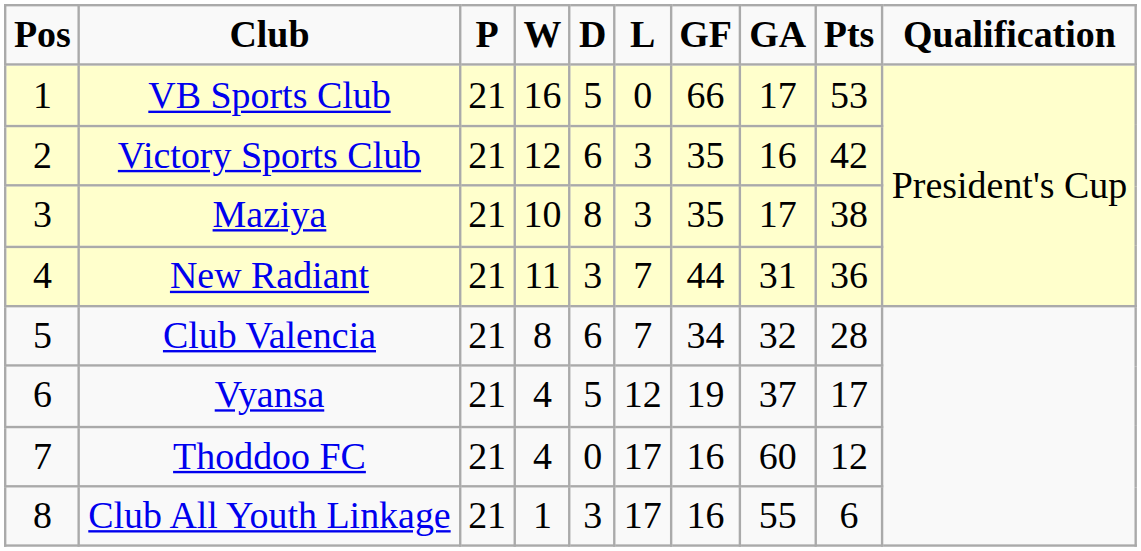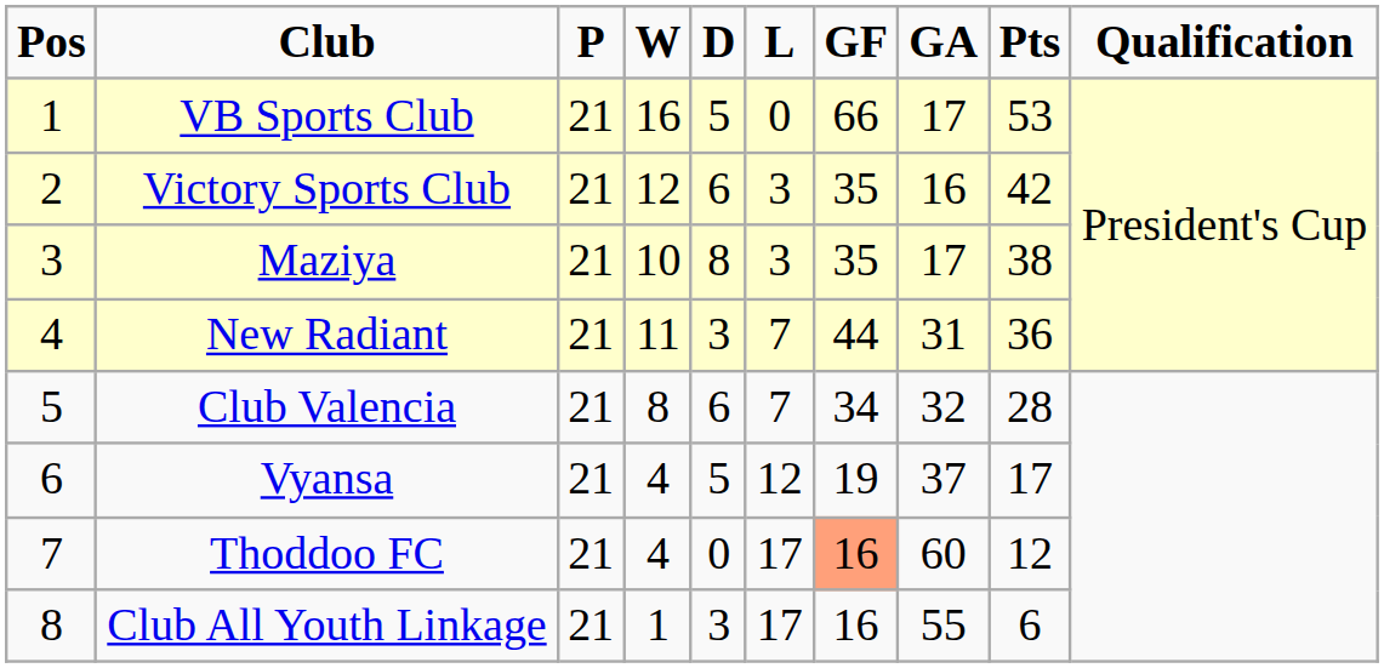 <table class="wikitable" style="text-align: center;">
 <tr>
 <td><strong>Pos</strong></td>
 <td><strong>Club</strong></td>
 <td><strong>P</strong></td>
 <td><strong>W</strong></td>
 <td><strong>D</strong></td>
 <td><strong>L</strong></td>
 <td><strong>GF</strong></td>
 <td><strong>GA</strong></td>
 <td><strong>Pts</strong></td>
 <td><strong>Qualification</strong></td>
 </tr>
 <tr style="background:#ffffcc">
 <td>1</td>
 <td><a href='#'>VB Sports Club</a></td>
 <td>21</td>
 <td>16</td>
 <td>5</td>
 <td>0</td>
 <td>66</td>
 <td>17</td>
 <td>53</td>
 <td rowspan=4>President's Cup</td>
 </tr>
 <tr style="background:#ffffcc">
 <td>2</td>
 <td><a href='#'>Victory Sports Club</a></td>
 <td>21</td>
 <td>12</td>
 <td>6</td>
 <td>3</td>
 <td>35</td>
 <td>16</td>
 <td>42</td>
 </tr>
 <tr style="background:#ffffcc">
 <td>3</td>
 <td><a href='#'>Maziya</a></td>
 <td>21</td>
 <td>10</td>
 <td>8</td>
 <td>3</td>
 <td>35</td>
 <td>17</td>
 <td>38</td>
 </tr>
 <tr style="background:#ffffcc">
 <td>4</td>
 <td><a href='#'>New Radiant</a></td>
 <td>21</td>
 <td>11</td>
 <td>3</td>
 <td>7</td>
 <td>44</td>
 <td>31</td>
 <td>36</td>
 </tr>
 <tr>
 <td>5</td>
 <td><a href='#'>Club Valencia</a></td>
 <td>21</td>
 <td>8</td>
 <td>6</td>
 <td>7</td>
 <td>34</td>
 <td>32</td>
 <td>28</td>
 </tr>
 <tr>
 <td>6</td>
 <td><a href='#'>Vyansa</a></td>
 <td>21</td>
 <td>4</td>
 <td>5</td>
 <td>12</td>
 <td>19</td>
 <td>37</td>
 <td>17</td>
 </tr>
 <tr>
 <td>7</td>
 <td><a href='#'>Thoddoo FC</a></td>
 <td>21</td>
 <td>4</td>
 <td>0</td>
 <td>17</td>
-<td>16</td>
+<td style="background: lightsalmon;">16</td>
 <td>60</td>
 <td>12</td>
 </tr>
 <tr>
 <td>8</td>
 <td><a href='#'>Club All Youth Linkage</a></td>
 <td>21</td>
 <td>1</td>
 <td>3</td>
 <td>17</td>
 <td>16</td>
 <td>55</td>
 <td>6</td>
 </tr>
 </table>
